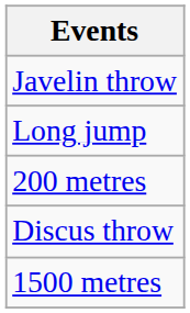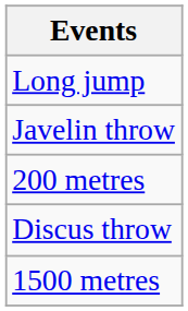 <table class="wikitable"  style="font-size:95%; float:right;">
 <tr>
 <th>Events</th>
 </tr>
 <tr>
-<td><a href='#'>Javelin throw</a></td>
+<td><a href='#'>Long jump</a></td>
 </tr>
 <tr>
-<td><a href='#'>Long jump</a></td>
+<td><a href='#'>Javelin throw</a></td>
 </tr>
 <tr>
 <td><a href='#'>200 metres</a></td>
 </tr>
 <tr>
 <td><a href='#'>Discus throw</a></td>
 </tr>
 <tr>
 <td><a href='#'>1500 metres</a></td>
 </tr>
 </table>
